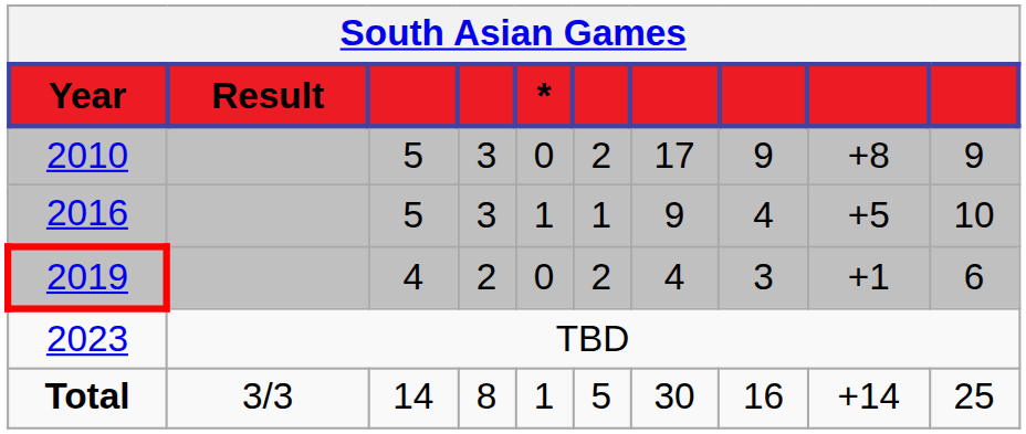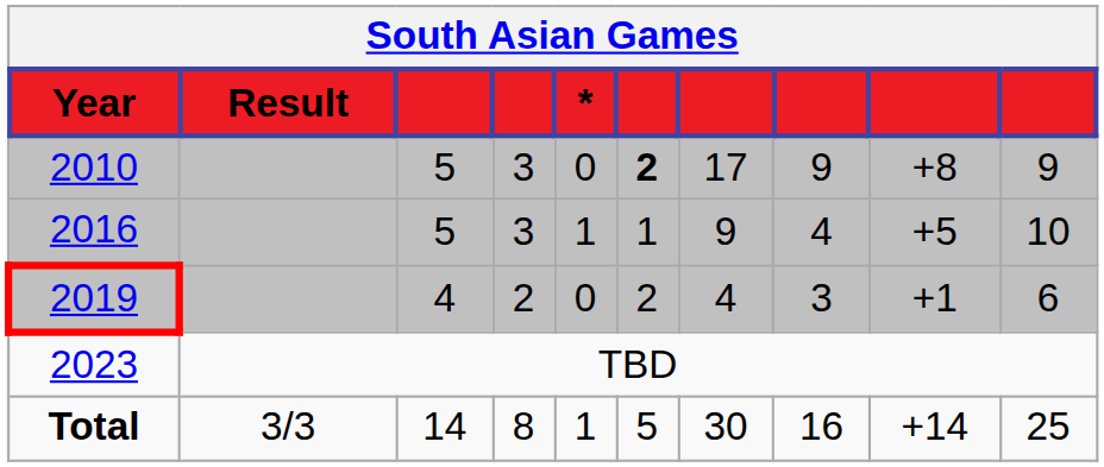 <table class="wikitable" style="text-align: center; width:50%;">
 <tr>
 <th colspan="10"><a href='#'>South Asian Games</a></th>
 </tr>
 <tr>
 <th style="background:#ED1C24;border: 2px solid #3F43A4;"><span>Year</span></th>
 <th style="background:#ED1C24;border: 2px solid #3F43A4;"><span>Result</span></th>
 <th style="background:#ED1C24;border: 2px solid #3F43A4;"><span></span></th>
 <th style="background:#ED1C24;border: 2px solid #3F43A4;"><span></span></th>
 <th style="background:#ED1C24;border: 2px solid #3F43A4;"><span>*</span></th>
 <th style="background:#ED1C24;border: 2px solid #3F43A4;"><span></span></th>
 <th style="background:#ED1C24;border: 2px solid #3F43A4;"><span></span></th>
 <th style="background:#ED1C24;border: 2px solid #3F43A4;"><span></span></th>
 <th style="background:#ED1C24;border: 2px solid #3F43A4;"><span></span></th>
 <th style="background:#ED1C24;border: 2px solid #3F43A4;"><span></span></th>
 </tr>
 <tr bgcolor="silver">
 <td> <a href='#'>2010</a></td>
 <td></td>
 <td>5</td>
 <td>3</td>
 <td>0</td>
-<td>2</td>
+<td><strong>2</strong></td>
 <td>17</td>
 <td>9</td>
 <td>+8</td>
 <td>9</td>
 </tr>
 <tr bgcolor="silver">
 <td> <a href='#'>2016</a></td>
 <td></td>
 <td>5</td>
 <td>3</td>
 <td>1</td>
 <td>1</td>
 <td>9</td>
 <td>4</td>
 <td>+5</td>
 <td>10</td>
 </tr>
 <tr bgcolor="silver">
 <td style="border: 3px solid red"> <a href='#'>2019</a></td>
 <td></td>
 <td>4</td>
 <td>2</td>
 <td>0</td>
 <td>2</td>
 <td>4</td>
 <td>3</td>
 <td>+1</td>
 <td>6</td>
 </tr>
 <tr>
 <td> <a href='#'>2023</a></td>
 <td colspan="9">TBD</td>
 </tr>
 <tr>
 <td><strong>Total</strong></td>
 <td>3/3</td>
 <td>14</td>
 <td>8</td>
 <td>1</td>
 <td>5</td>
 <td>30</td>
 <td>16</td>
 <td>+14</td>
 <td>25</td>
 </tr>
 </table>
